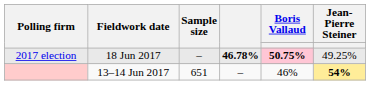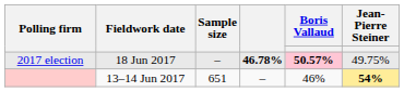 <table class="wikitable sortable" style="text-align:center;font-size:90%;line-height:14px;">
 <tr style="height:40px;">
 <th style="width:100px;" rowspan="2">Polling firm</th>
 <th style="width:110px;" rowspan="2">Fieldwork date</th>
 <th style="width:35px;" rowspan="2">Sample<br>size</th>
 <th style="width:30px;" rowspan="2"></th>
 <th class="unsortable" style="width:60px;"><a href='#'>Boris Vallaud</a><br></th>
 <th class="unsortable" style="width:60px;">Jean-Pierre Steiner<br></th>
 </tr>
 <tr>
 <th style="background:"></th>
 <th style="background:"></th>
 </tr>
 <tr style="background:#E9E9E9;">
 <td><a href='#'>2017 election</a></td>
 <td data-sort-value="2017-06-18">18 Jun 2017</td>
 <td>–</td>
 <td><strong>46.78%</strong></td>
-<td style="background:#FFC6D5;"><strong>50.75%</strong></td>
-<td>49.25%</td>
+<td style="background:#FFC6D5;"><strong>50.57%</strong></td>
+<td>49.75%</td>
 </tr>
 <tr>
 <td style="background:#FFCCCC;"></td>
 <td data-sort-value="2017-06-14">13–14 Jun 2017</td>
 <td>651</td>
 <td>–</td>
 <td>46%</td>
 <td style="background:#FFED99;"><strong>54%</strong></td>
 </tr>
 </table>
